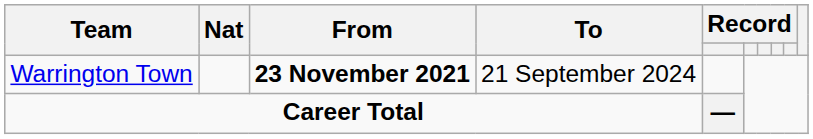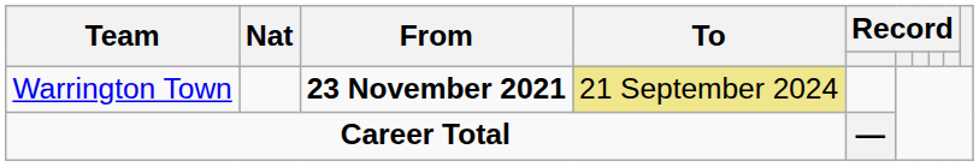 <table class="wikitable" style="text-align: center">
 <tr>
 <th rowspan="2">Team</th>
 <th rowspan="2">Nat</th>
 <th rowspan="2">From</th>
 <th rowspan="2">To</th>
 <th colspan="5">Record</th>
 <th rowspan=2></th>
 </tr>
 <tr>
 <th></th>
 <th></th>
 <th></th>
 <th></th>
 <th></th>
 </tr>
 <tr>
 <td align="left"><a href='#'>Warrington Town</a></td>
 <td></td>
 <td align=left><strong>23 November 2021</strong></td>
-<td align=left>21 September 2024<br></td>
+<td align=left style="background: khaki;">21 September 2024<br></td>
 <td></td>
 </tr>
 <tr>
 <td colspan=4><strong>Career Total</strong><br></td>
 <th>—</th>
 </tr>
 </table>
